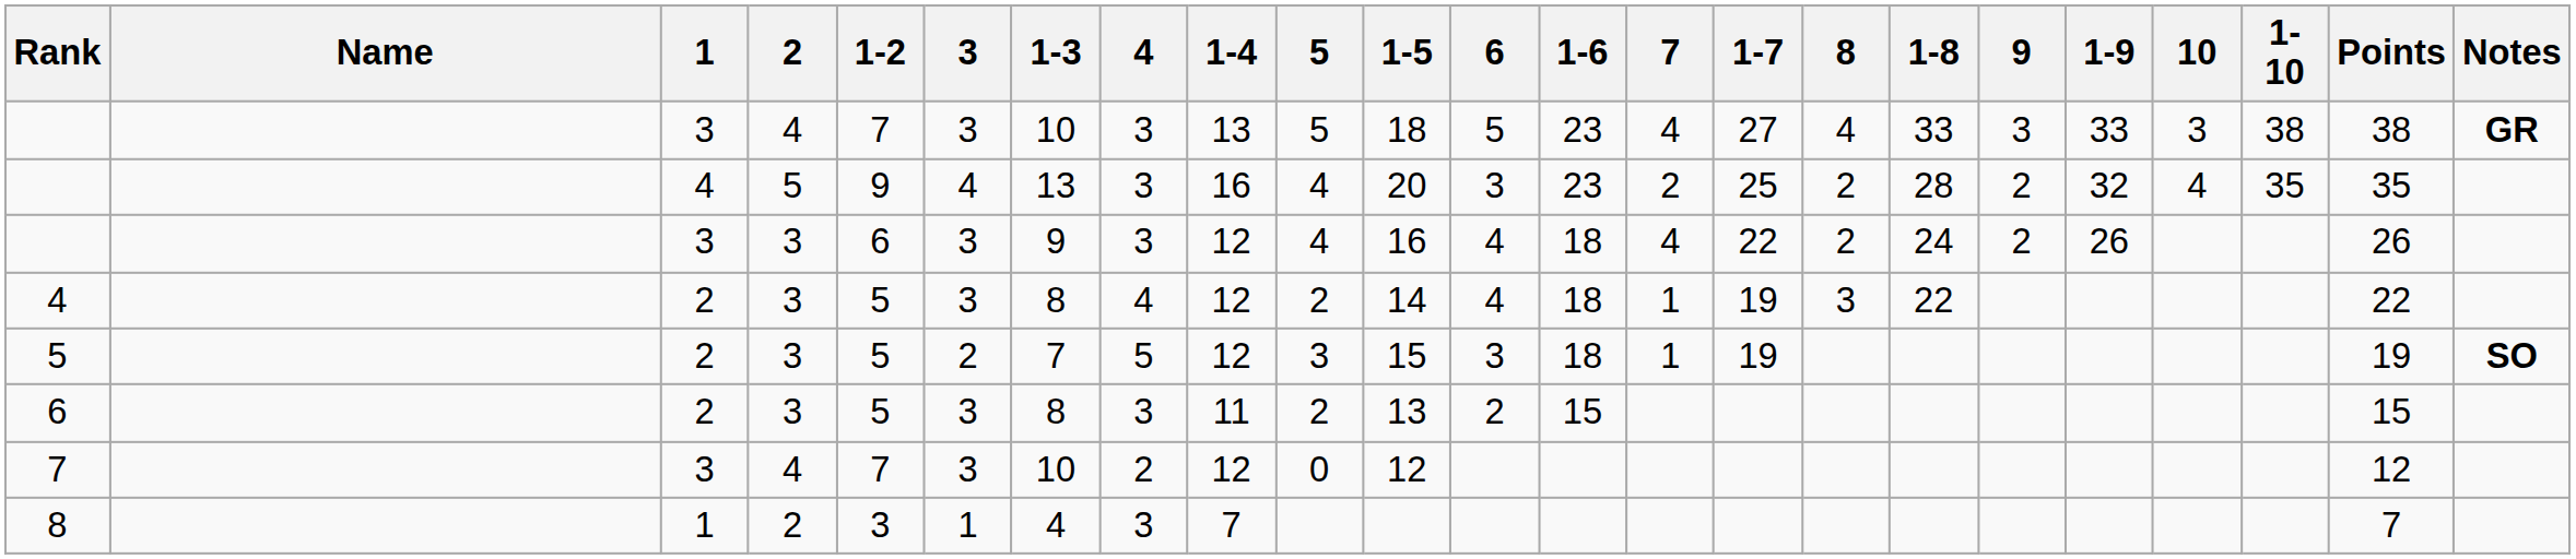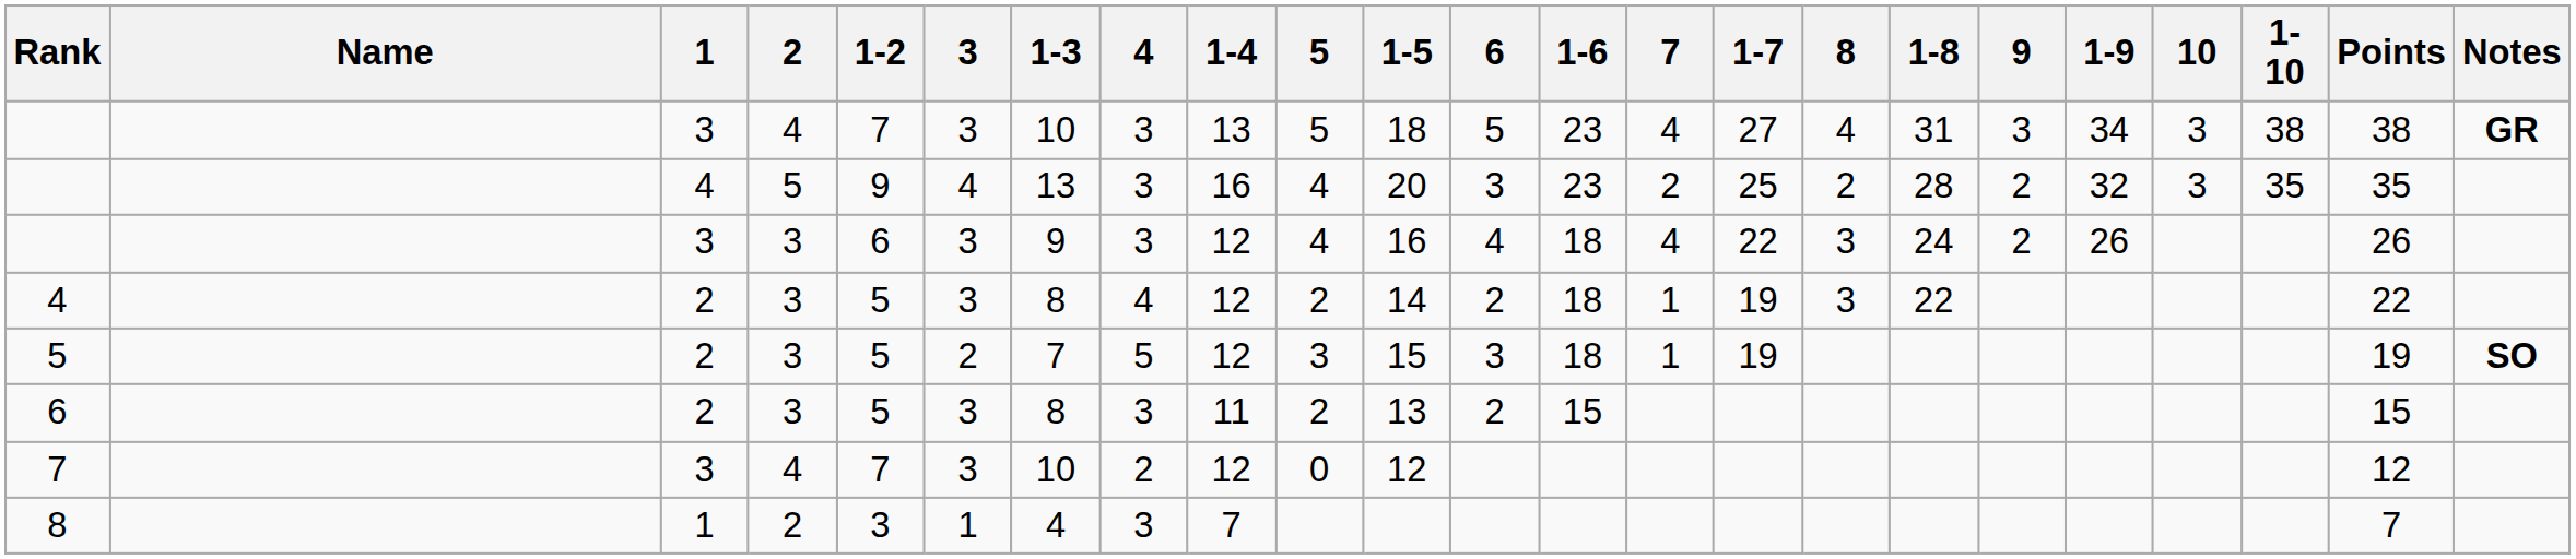 <table class="wikitable sortable" style="text-align:center;">
 <tr>
 <th>Rank</th>
 <th style="width:15em;">Name</th>
 <th style="width:2em;">1</th>
 <th style="width:2em;">2</th>
 <th style="width:2em;">1-2</th>
 <th style="width:2em;">3</th>
 <th style="width:2em;">1-3</th>
 <th style="width:2em;">4</th>
 <th style="width:2em;">1-4</th>
 <th style="width:2em;">5</th>
 <th style="width:2em;">1-5</th>
 <th style="width:2em;">6</th>
 <th style="width:2em;">1-6</th>
 <th style="width:2em;">7</th>
 <th style="width:2em;">1-7</th>
 <th style="width:2em;">8</th>
 <th style="width:2em;">1-8</th>
 <th style="width:2em;">9</th>
 <th style="width:2em;">1-9</th>
 <th style="width:2em;">10</th>
 <th style="width:2em;">1-10</th>
 <th style="width:2em;">Points</th>
 <th style="width:2em;">Notes</th>
 </tr>
 <tr>
 <td></td>
 <td align=left></td>
 <td>3</td>
 <td>4</td>
 <td>7</td>
 <td>3</td>
 <td>10</td>
 <td>3</td>
 <td>13</td>
 <td>5</td>
 <td>18</td>
 <td>5</td>
 <td>23</td>
 <td>4</td>
 <td>27</td>
 <td>4</td>
-<td>33</td>
+<td>31</td>
 <td>3</td>
-<td>33</td>
+<td>34</td>
 <td>3</td>
 <td>38</td>
 <td>38</td>
 <td><strong>GR</strong></td>
 </tr>
 <tr>
 <td></td>
 <td align=left></td>
 <td>4</td>
 <td>5</td>
 <td>9</td>
 <td>4</td>
 <td>13</td>
 <td>3</td>
 <td>16</td>
 <td>4</td>
 <td>20</td>
 <td>3</td>
 <td>23</td>
 <td>2</td>
 <td>25</td>
 <td>2</td>
 <td>28</td>
 <td>2</td>
 <td>32</td>
-<td>4</td>
+<td>3</td>
 <td>35</td>
 <td>35</td>
 <td></td>
 </tr>
 <tr>
 <td></td>
 <td align=left></td>
 <td>3</td>
 <td>3</td>
 <td>6</td>
 <td>3</td>
 <td>9</td>
 <td>3</td>
 <td>12</td>
 <td>4</td>
 <td>16</td>
 <td>4</td>
 <td>18</td>
 <td>4</td>
 <td>22</td>
-<td>2</td>
+<td>3</td>
 <td>24</td>
 <td>2</td>
 <td>26</td>
 <td></td>
 <td></td>
 <td>26</td>
 <td></td>
 </tr>
 <tr>
 <td>4</td>
 <td align=left></td>
 <td>2</td>
 <td>3</td>
 <td>5</td>
 <td>3</td>
 <td>8</td>
 <td>4</td>
 <td>12</td>
 <td>2</td>
 <td>14</td>
-<td>4</td>
+<td>2</td>
 <td>18</td>
 <td>1</td>
 <td>19</td>
 <td>3</td>
 <td>22</td>
 <td></td>
 <td></td>
 <td></td>
 <td></td>
 <td>22</td>
 <td></td>
 </tr>
 <tr>
 <td>5</td>
 <td align=left></td>
 <td>2</td>
 <td>3</td>
 <td>5</td>
 <td>2</td>
 <td>7</td>
 <td>5</td>
 <td>12</td>
 <td>3</td>
 <td>15</td>
 <td>3</td>
 <td>18</td>
 <td>1</td>
 <td>19</td>
 <td></td>
 <td></td>
 <td></td>
 <td></td>
 <td></td>
 <td></td>
 <td>19</td>
 <td><strong>SO</strong></td>
 </tr>
 <tr>
 <td>6</td>
 <td align=left></td>
 <td>2</td>
 <td>3</td>
 <td>5</td>
 <td>3</td>
 <td>8</td>
 <td>3</td>
 <td>11</td>
 <td>2</td>
 <td>13</td>
 <td>2</td>
 <td>15</td>
 <td></td>
 <td></td>
 <td></td>
 <td></td>
 <td></td>
 <td></td>
 <td></td>
 <td></td>
 <td>15</td>
 <td></td>
 </tr>
 <tr>
 <td>7</td>
 <td align=left></td>
 <td>3</td>
 <td>4</td>
 <td>7</td>
 <td>3</td>
 <td>10</td>
 <td>2</td>
 <td>12</td>
 <td>0</td>
 <td>12</td>
 <td></td>
 <td></td>
 <td></td>
 <td></td>
 <td></td>
 <td></td>
 <td></td>
 <td></td>
 <td></td>
 <td></td>
 <td>12</td>
 <td></td>
 </tr>
 <tr>
 <td>8</td>
 <td align=left></td>
 <td>1</td>
 <td>2</td>
 <td>3</td>
 <td>1</td>
 <td>4</td>
 <td>3</td>
 <td>7</td>
 <td></td>
 <td></td>
 <td></td>
 <td></td>
 <td></td>
 <td></td>
 <td></td>
 <td></td>
 <td></td>
 <td></td>
 <td></td>
 <td></td>
 <td>7</td>
 <td></td>
 </tr>
 </table>
